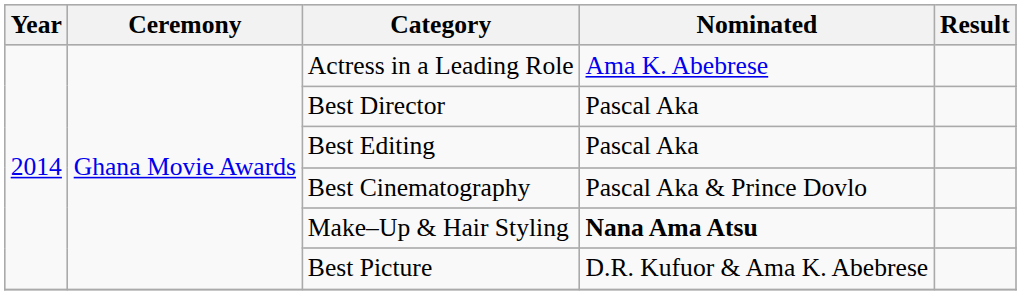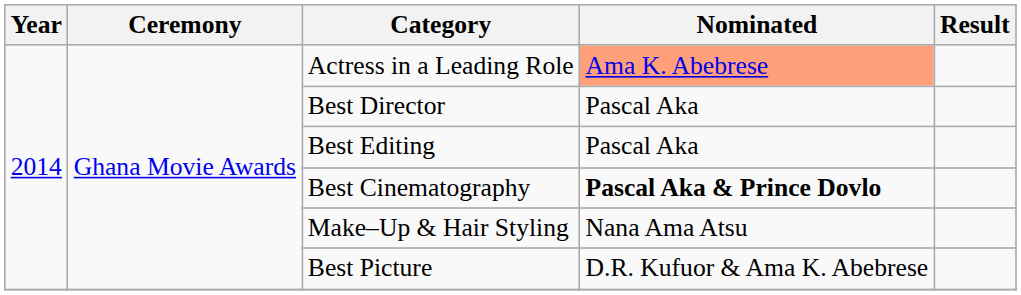 <table class="wikitable">
 <tr>
 <th align="left">Year</th>
 <th align="left">Ceremony</th>
 <th align="left">Category</th>
 <th align="left">Nominated</th>
 <th>Result</th>
 </tr>
 <tr>
 <td align="left" rowspan="6"><a href='#'>2014</a></td>
 <td align="left" rowspan="6"><a href='#'>Ghana Movie Awards</a></td>
 <td align="left">Actress in a Leading Role</td>
-<td align="left"><a href='#'>Ama K. Abebrese</a></td>
+<td align="left" style="background: lightsalmon;"><a href='#'>Ama K. Abebrese</a></td>
 <td></td>
 </tr>
 <tr>
 <td align="left">Best Director</td>
 <td align="left">Pascal Aka</td>
 <td></td>
 </tr>
 <tr>
 <td align="left">Best Editing</td>
 <td align="elft">Pascal Aka</td>
 <td></td>
 </tr>
 <tr>
 <td align="left">Best Cinematography</td>
-<td align="left">Pascal Aka & Prince Dovlo</td>
+<td align="left"><strong>Pascal Aka & Prince Dovlo</strong></td>
 <td></td>
 </tr>
 <tr>
 <td align="left">Make–Up & Hair Styling</td>
-<td align="elft"><strong>Nana Ama Atsu</strong></td>
+<td align="elft">Nana Ama Atsu</td>
 <td></td>
 </tr>
 <tr>
 <td align="left">Best Picture</td>
 <td align="elft">D.R. Kufuor & Ama K. Abebrese</td>
 <td></td>
 </tr>
 <tr>
 </tr>
 </table>
